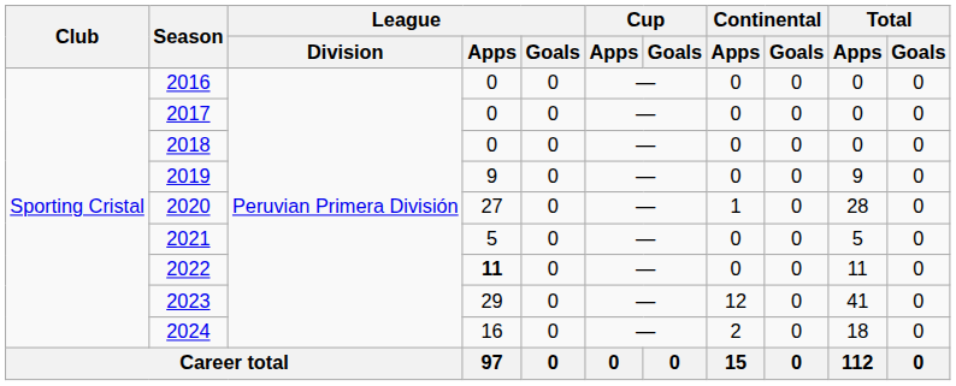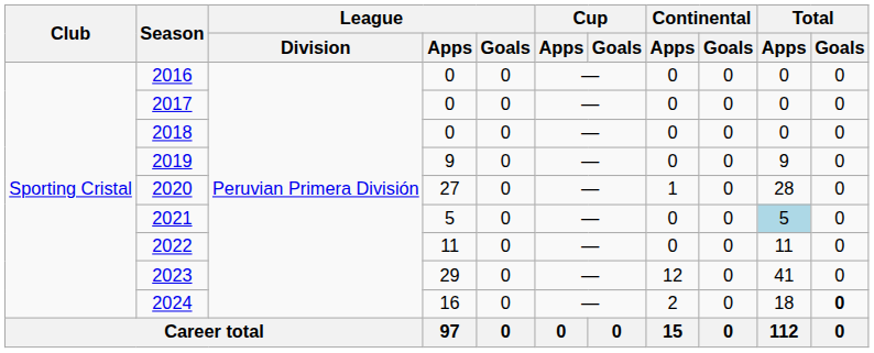 <table class="wikitable" style="text-align:center">
 <tr>
 <th rowspan="2">Club</th>
 <th rowspan="2">Season</th>
 <th colspan="3">League</th>
 <th colspan="2">Cup</th>
 <th colspan="2">Continental</th>
 <th colspan="2">Total</th>
 </tr>
 <tr>
 <th>Division</th>
 <th>Apps</th>
 <th>Goals</th>
 <th>Apps</th>
 <th>Goals</th>
 <th>Apps</th>
 <th>Goals</th>
 <th>Apps</th>
 <th>Goals</th>
 </tr>
 <tr>
 <td rowspan="9"><a href='#'>Sporting Cristal</a></td>
 <td><a href='#'>2016</a></td>
 <td rowspan="9"><a href='#'>Peruvian Primera División</a></td>
 <td>0</td>
 <td>0</td>
 <td colspan="2">—</td>
 <td>0</td>
 <td>0</td>
 <td>0</td>
 <td>0</td>
 </tr>
 <tr>
 <td><a href='#'>2017</a></td>
 <td>0</td>
 <td>0</td>
 <td colspan="2">—</td>
 <td>0</td>
 <td>0</td>
 <td>0</td>
 <td>0</td>
 </tr>
 <tr>
 <td><a href='#'>2018</a></td>
 <td>0</td>
 <td>0</td>
 <td colspan="2">—</td>
 <td>0</td>
 <td>0</td>
 <td>0</td>
 <td>0</td>
 </tr>
 <tr>
 <td><a href='#'>2019</a></td>
 <td>9</td>
 <td>0</td>
 <td colspan="2">—</td>
 <td>0</td>
 <td>0</td>
 <td>9</td>
 <td>0</td>
 </tr>
 <tr>
 <td><a href='#'>2020</a></td>
 <td>27</td>
 <td>0</td>
 <td colspan="2">—</td>
 <td>1</td>
 <td>0</td>
 <td>28</td>
 <td>0</td>
 </tr>
 <tr>
 <td><a href='#'>2021</a></td>
 <td>5</td>
 <td>0</td>
 <td colspan="2">—</td>
 <td>0</td>
 <td>0</td>
-<td>5</td>
+<td style="background: lightblue;">5</td>
 <td>0</td>
 </tr>
 <tr>
 <td><a href='#'>2022</a></td>
-<td><strong>11</strong></td>
+<td>11</td>
 <td>0</td>
 <td colspan="2">—</td>
 <td>0</td>
 <td>0</td>
 <td>11</td>
 <td>0</td>
 </tr>
 <tr>
 <td><a href='#'>2023</a></td>
 <td>29</td>
 <td>0</td>
 <td colspan="2">—</td>
 <td>12</td>
 <td>0</td>
 <td>41</td>
 <td>0</td>
 </tr>
 <tr>
 <td><a href='#'>2024</a></td>
 <td>16</td>
 <td>0</td>
 <td colspan="2">—</td>
 <td>2</td>
 <td>0</td>
 <td>18</td>
-<td>0</td>
+<td><strong>0</strong></td>
 </tr>
 <tr>
 <th colspan="3">Career total</th>
 <th>97</th>
 <th>0</th>
 <th>0</th>
 <th>0</th>
 <th>15</th>
 <th>0</th>
 <th>112</th>
 <th>0</th>
 </tr>
 </table>
